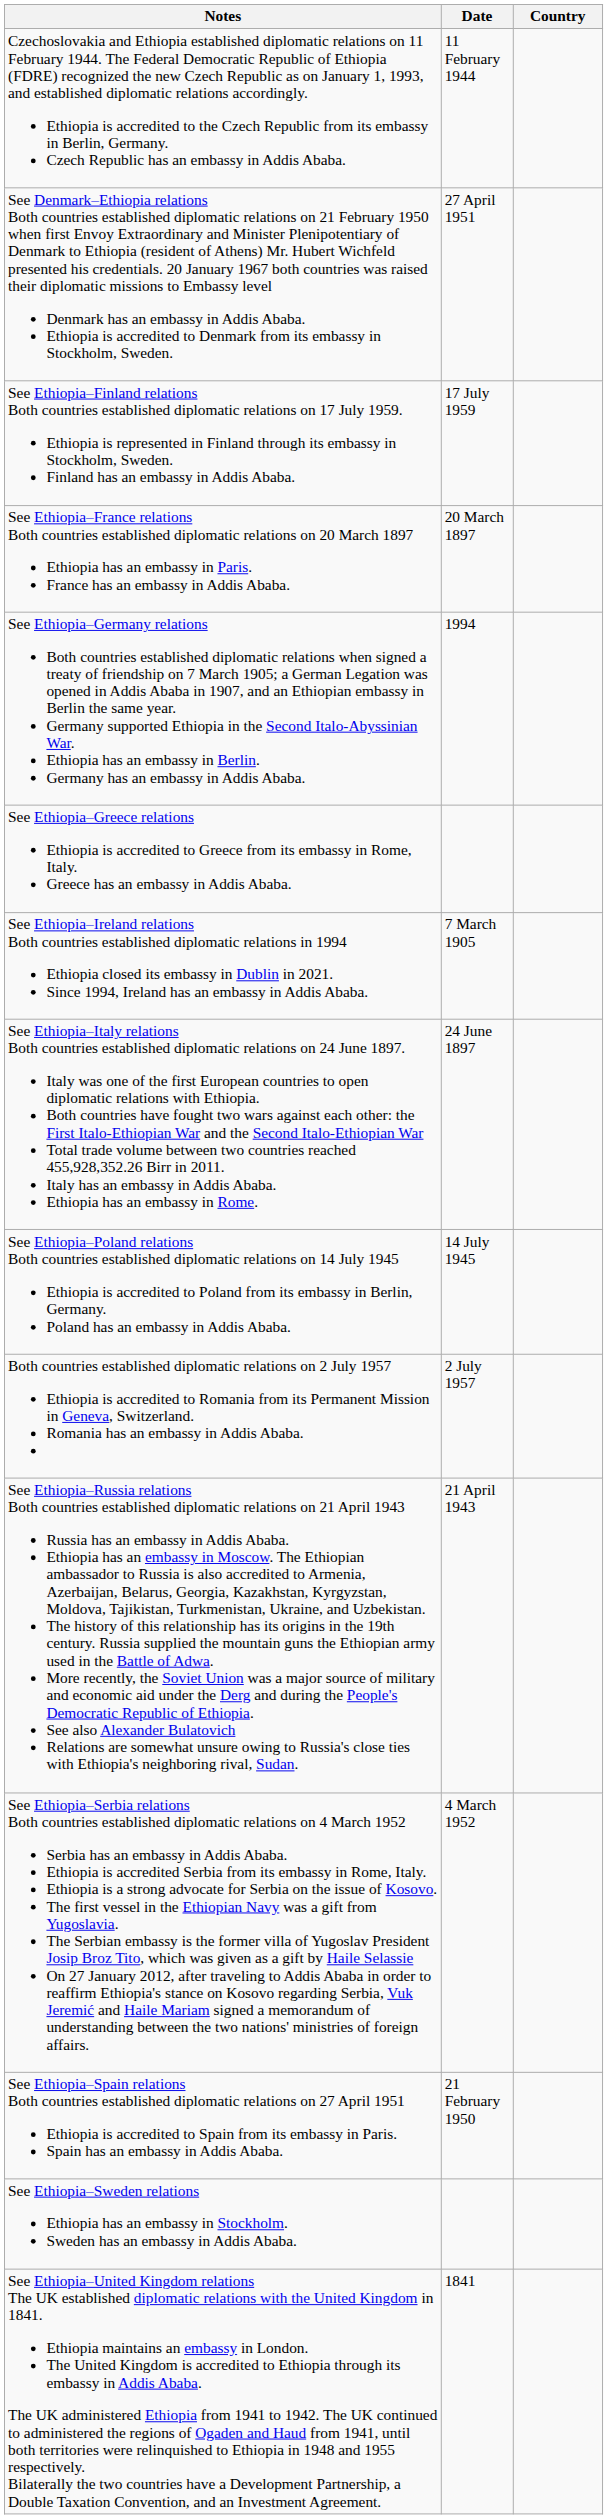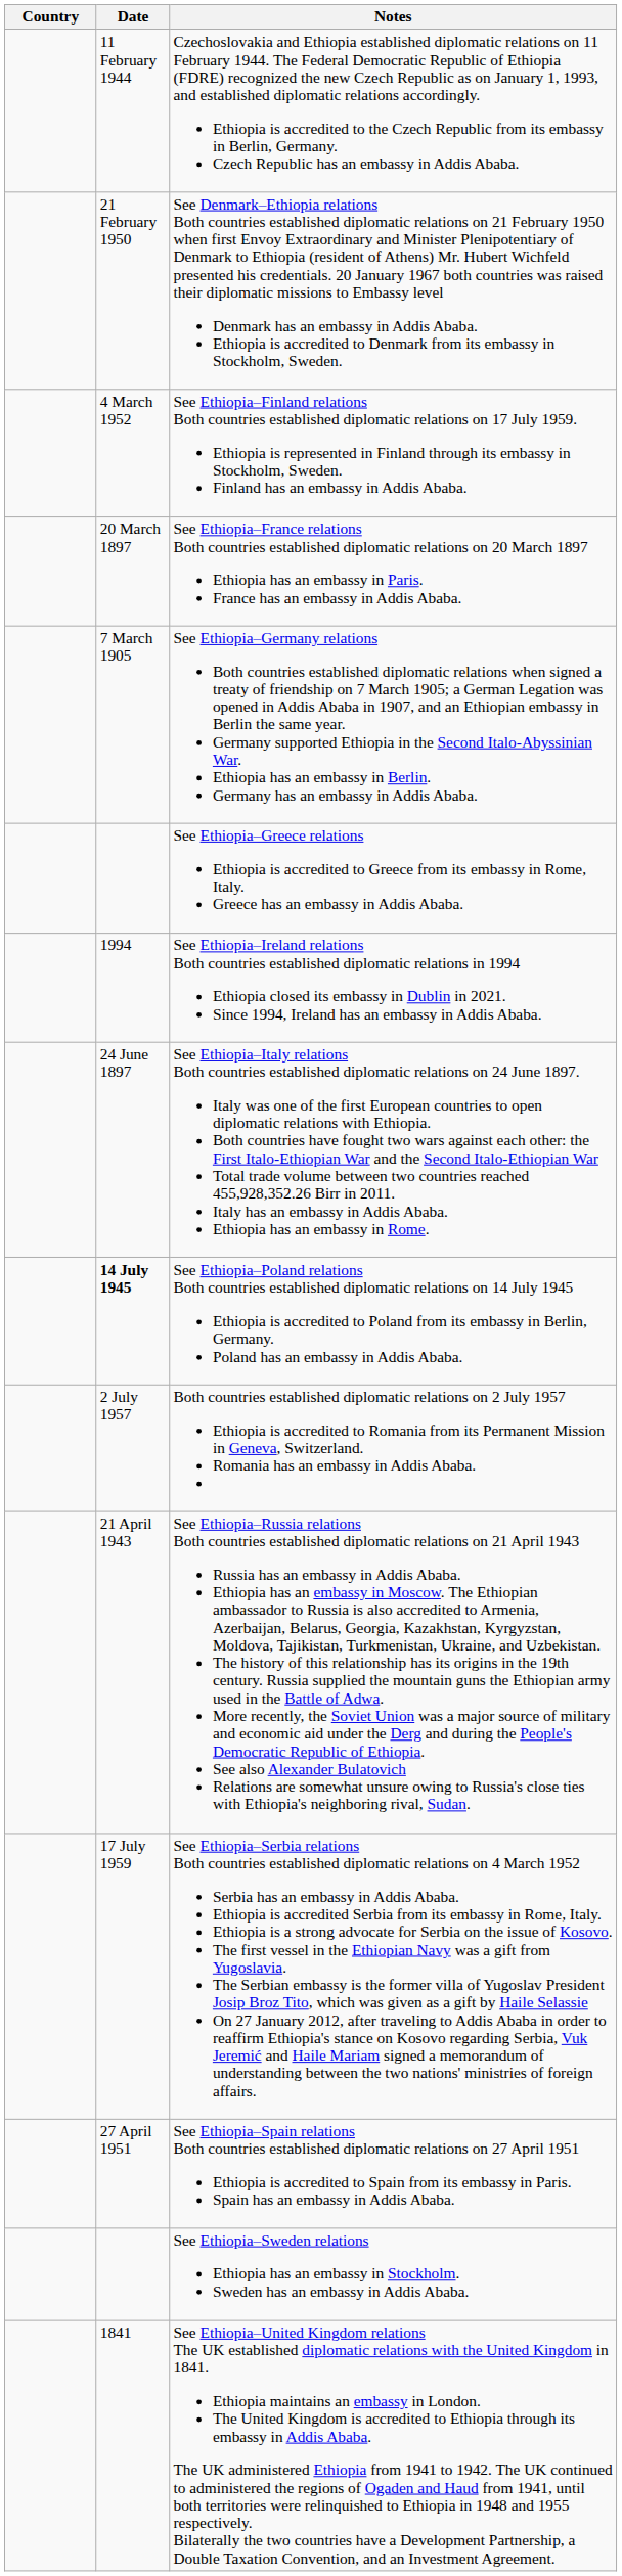 <table class="wikitable sortable" style="width:100%; margin:auto;">
 <tr>
+<th style="width:15%;">Country</th>
+<th style="width:12%;">Date</th>
 <th>Notes</th>
-<th style="width:12%;">Date</th>
-<th style="width:15%;">Country</th>
 </tr>
 <tr valign="top">
+<td></td>
+<td>11 February 1944</td>
 <td>Czechoslovakia and Ethiopia established diplomatic relations on 11 February 1944. The Federal Democratic Republic of Ethiopia (FDRE) recognized the new Czech Republic as on January 1, 1993, and established diplomatic relations accordingly.<br><ul><li>Ethiopia is accredited to the Czech Republic from its embassy in Berlin, Germany.</li><li>Czech Republic has an embassy in Addis Ababa.</li></ul></td>
-<td>11 February 1944</td>
-<td></td>
 </tr>
 <tr valign="top">
+<td></td>
+<td>21 February 1950</td>
 <td>See <a href='#'>Denmark–Ethiopia relations</a><br>Both countries established diplomatic relations on 21 February 1950 when first Envoy Extraordinary and Minister Plenipotentiary of Denmark to Ethiopia (resident of Athens) Mr. Hubert Wichfeld presented his credentials. 20 January 1967 both countries was raised their diplomatic missions to Embassy level<ul><li>Denmark has an embassy in Addis Ababa.</li><li>Ethiopia is accredited to Denmark from its embassy in Stockholm, Sweden.</li></ul></td>
-<td>27 April 1951</td>
-<td></td>
 </tr>
 <tr valign="top">
+<td></td>
+<td>4 March 1952</td>
 <td>See <a href='#'>Ethiopia–Finland relations</a><br>Both countries established diplomatic relations on 17 July 1959.<ul><li>Ethiopia is represented in Finland through its embassy in Stockholm, Sweden.</li><li>Finland has an embassy in Addis Ababa.</li></ul></td>
-<td>17 July 1959</td>
-<td></td>
 </tr>
 <tr valign="top">
+<td></td>
+<td>20 March 1897</td>
 <td>See <a href='#'>Ethiopia–France relations</a><br>Both countries established diplomatic relations on 20 March 1897<ul><li>Ethiopia has an embassy in <a href='#'>Paris</a>.</li><li>France has an embassy in Addis Ababa.</li></ul></td>
-<td>20 March 1897</td>
-<td></td>
 </tr>
 <tr valign="top">
+<td></td>
+<td>7 March 1905</td>
 <td>See <a href='#'>Ethiopia–Germany relations</a><br><ul><li>Both countries established diplomatic relations when signed a treaty of friendship on 7 March 1905; a German Legation was opened in Addis Ababa in 1907, and an Ethiopian embassy in Berlin the same year.</li><li>Germany supported Ethiopia in the <a href='#'>Second Italo-Abyssinian War</a>.</li><li>Ethiopia has an embassy in <a href='#'>Berlin</a>.</li><li>Germany has an embassy in Addis Ababa.</li></ul></td>
-<td>1994</td>
-<td></td>
 </tr>
 <tr valign="top">
-<td>See <a href='#'>Ethiopia–Greece relations</a><br><ul><li>Ethiopia is accredited to Greece from its embassy in Rome, Italy.</li><li>Greece has an embassy in Addis Ababa.</li></ul></td>
 <td></td>
 <td></td>
+<td>See <a href='#'>Ethiopia–Greece relations</a><br><ul><li>Ethiopia is accredited to Greece from its embassy in Rome, Italy.</li><li>Greece has an embassy in Addis Ababa.</li></ul></td>
 </tr>
 <tr valign="top">
+<td></td>
+<td>1994</td>
 <td>See <a href='#'>Ethiopia–Ireland relations</a><br>Both countries established diplomatic relations in 1994<ul><li>Ethiopia closed its embassy in <a href='#'>Dublin</a> in 2021.</li><li>Since 1994, Ireland has an embassy in Addis Ababa.</li></ul></td>
-<td>7 March 1905</td>
-<td></td>
 </tr>
 <tr valign="top">
+<td></td>
+<td>24 June 1897</td>
 <td>See <a href='#'>Ethiopia–Italy relations</a><br>Both countries established diplomatic relations on 24 June 1897.<ul><li>Italy was one of the first European countries to open diplomatic relations with Ethiopia.</li><li>Both countries have fought two wars against each other: the <a href='#'>First Italo-Ethiopian War</a> and the <a href='#'>Second Italo-Ethiopian War</a></li><li>Total trade volume between two countries reached 455,928,352.26 Birr in 2011.</li><li>Italy has an embassy in Addis Ababa.</li><li>Ethiopia has an embassy in <a href='#'>Rome</a>.</li></ul></td>
-<td>24 June 1897</td>
-<td></td>
 </tr>
 <tr valign="top">
+<td></td>
+<td><strong>14 July 1945</strong></td>
 <td>See <a href='#'>Ethiopia–Poland relations</a><br>Both countries established diplomatic relations on 14 July 1945<ul><li>Ethiopia is accredited to Poland from its embassy in Berlin, Germany.</li><li>Poland has an embassy in Addis Ababa.</li></ul></td>
-<td>14 July 1945</td>
-<td></td>
 </tr>
 <tr valign="top">
+<td></td>
+<td>2 July 1957</td>
 <td>Both countries established diplomatic relations on 2 July 1957<br><ul><li>Ethiopia is accredited to Romania from its Permanent Mission in <a href='#'>Geneva</a>, Switzerland.</li><li>Romania has an embassy in Addis Ababa.</li><li></li></ul></td>
-<td>2 July 1957</td>
-<td></td>
 </tr>
 <tr valign="top">
+<td></td>
+<td>21 April 1943</td>
 <td>See <a href='#'>Ethiopia–Russia relations</a><br>Both countries established diplomatic relations on 21 April 1943<ul><li>Russia has an embassy in Addis Ababa.</li><li>Ethiopia has an <a href='#'>embassy in Moscow</a>. The Ethiopian ambassador to Russia is also accredited to Armenia, Azerbaijan, Belarus, Georgia, Kazakhstan, Kyrgyzstan, Moldova, Tajikistan, Turkmenistan, Ukraine, and Uzbekistan.</li><li>The history of this relationship has its origins in the 19th century. Russia supplied the mountain guns the Ethiopian army used in the <a href='#'>Battle of Adwa</a>.</li><li>More recently, the <a href='#'>Soviet Union</a> was a major source of military and economic aid under the <a href='#'>Derg</a> and during the <a href='#'>People's Democratic Republic of Ethiopia</a>.</li><li>See also <a href='#'>Alexander Bulatovich</a></li><li>Relations are somewhat unsure owing to Russia's close ties with Ethiopia's neighboring rival, <a href='#'>Sudan</a>.</li></ul></td>
-<td>21 April 1943</td>
-<td></td>
 </tr>
 <tr valign="top">
+<td></td>
+<td>17 July 1959</td>
 <td>See <a href='#'>Ethiopia–Serbia relations</a><br>Both countries established diplomatic relations on 4 March 1952<ul><li>Serbia has an embassy in Addis Ababa.</li><li>Ethiopia is accredited Serbia from its embassy in Rome, Italy.</li><li>Ethiopia is a strong advocate for Serbia on the issue of <a href='#'>Kosovo</a>.</li><li>The first vessel in the <a href='#'>Ethiopian Navy</a> was a gift from <a href='#'>Yugoslavia</a>.</li><li>The Serbian embassy is the former villa of Yugoslav President <a href='#'>Josip Broz Tito</a>, which was given as a gift by <a href='#'>Haile Selassie</a></li><li>On 27 January 2012, after traveling to Addis Ababa in order to reaffirm Ethiopia's stance on Kosovo regarding Serbia, <a href='#'>Vuk Jeremić</a> and <a href='#'>Haile Mariam</a> signed a memorandum of understanding between the two nations' ministries of foreign affairs.</li></ul></td>
-<td>4 March 1952</td>
-<td></td>
 </tr>
 <tr valign="top">
+<td></td>
+<td>27 April 1951</td>
 <td>See <a href='#'>Ethiopia–Spain relations</a><br>Both countries established diplomatic relations on 27 April 1951<ul><li>Ethiopia is accredited to Spain from its embassy in Paris.</li><li>Spain has an embassy in Addis Ababa.</li></ul></td>
-<td>21 February 1950</td>
-<td></td>
 </tr>
 <tr valign="top">
-<td>See <a href='#'>Ethiopia–Sweden relations</a><br><ul><li>Ethiopia has an embassy in <a href='#'>Stockholm</a>.</li><li>Sweden has an embassy in Addis Ababa.</li></ul></td>
 <td></td>
 <td></td>
+<td>See <a href='#'>Ethiopia–Sweden relations</a><br><ul><li>Ethiopia has an embassy in <a href='#'>Stockholm</a>.</li><li>Sweden has an embassy in Addis Ababa.</li></ul></td>
 </tr>
 <tr valign="top">
+<td></td>
+<td>1841</td>
 <td>See <a href='#'>Ethiopia–United Kingdom relations</a><br>The UK established <a href='#'>diplomatic relations with the United Kingdom</a> in 1841.<ul><li>Ethiopia maintains an <a href='#'>embassy</a> in London.</li><li>The United Kingdom is accredited to Ethiopia through its embassy in <a href='#'>Addis Ababa</a>.</li></ul>The UK administered <a href='#'>Ethiopia</a> from 1941 to 1942. The UK continued to administered the regions of <a href='#'>Ogaden and Haud</a> from 1941, until both territories were relinquished to Ethiopia in 1948 and 1955 respectively.<br>Bilaterally the two countries have a Development Partnership, a Double Taxation Convention, and an Investment Agreement.</td>
-<td>1841</td>
-<td></td>
 </tr>
 </table>
